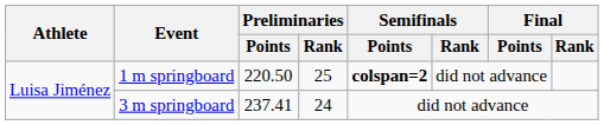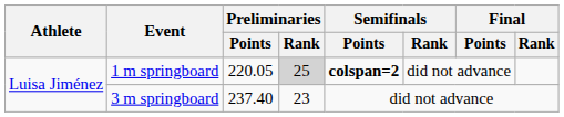 <table class=wikitable style="font-size:90%;">
 <tr>
 <th rowspan="2">Athlete</th>
 <th rowspan="2">Event</th>
 <th colspan="2">Preliminaries</th>
 <th colspan="2">Semifinals</th>
 <th colspan="2">Final</th>
 </tr>
 <tr style="font-size:95%">
 <th>Points</th>
 <th>Rank</th>
 <th>Points</th>
 <th>Rank</th>
 <th>Points</th>
 <th>Rank</th>
 </tr>
 <tr align=center>
 <td align=left rowspan=2><a href='#'>Luisa Jiménez</a></td>
 <td align=left><a href='#'>1 m springboard</a></td>
-<td>220.50</td>
-<td>25</td>
+<td>220.05</td>
+<td style="background: lightgrey;">25</td>
 <td><strong>colspan=2 </strong></td>
 <td colspan=2>did not advance</td>
 </tr>
 <tr align=center>
 <td align=left><a href='#'>3 m springboard</a></td>
-<td>237.41</td>
-<td>24</td>
+<td>237.40</td>
+<td>23</td>
 <td colspan=4>did not advance</td>
 </tr>
 </table>
